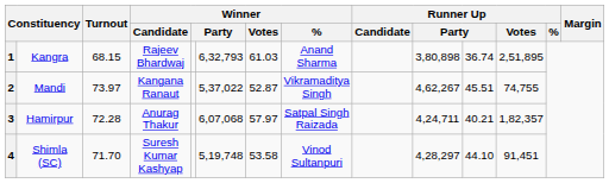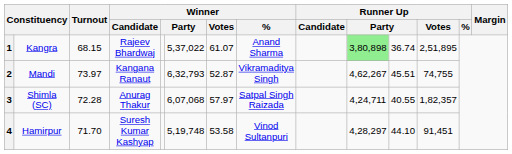 <table class="wikitable sortable" style="text-align:center;">
 <tr>
 <th colspan="2" rowspan="2">Constituency</th>
 <th rowspan="2">Turnout</th>
 <th colspan="5">Winner</th>
 <th colspan="5">Runner Up</th>
 <th rowspan="2">Margin</th>
 </tr>
 <tr>
 <th>Candidate</th>
 <th colspan="2">Party</th>
 <th>Votes</th>
 <th>%</th>
 <th>Candidate</th>
 <th colspan="2">Party</th>
 <th>Votes</th>
 <th>%</th>
 </tr>
 <tr>
 <th>1</th>
 <td><a href='#'>Kangra</a></td>
 <td>68.15 </td>
 <td><a href='#'>Rajeev Bhardwaj</a></td>
 <td></td>
-<td>6,32,793</td>
-<td>61.03</td>
+<td>5,37,022</td>
+<td>61.07</td>
 <td><a href='#'>Anand Sharma</a></td>
 <td></td>
-<td>3,80,898</td>
+<td style="background: lightgreen;">3,80,898</td>
 <td>36.74</td>
 <td style="background:">2,51,895</td>
 </tr>
 <tr>
 <th>2</th>
 <td><a href='#'>Mandi</a></td>
 <td>73.97 </td>
 <td><a href='#'>Kangana Ranaut</a></td>
 <td></td>
-<td>5,37,022</td>
+<td>6,32,793</td>
 <td>52.87</td>
 <td><a href='#'> Vikramaditya Singh</a></td>
 <td></td>
 <td>4,62,267</td>
 <td>45.51</td>
 <td style="background:">74,755</td>
 </tr>
 <tr>
 <th>3</th>
-<td><a href='#'>Hamirpur</a></td>
+<td><a href='#'>Shimla (SC)</a></td>
 <td>72.28 </td>
 <td><a href='#'>Anurag Thakur</a></td>
 <td></td>
 <td>6,07,068</td>
 <td>57.97</td>
 <td><a href='#'>Satpal Singh Raizada</a></td>
 <td></td>
 <td>4,24,711</td>
-<td>40.21</td>
+<td>40.55</td>
 <td style="background:">1,82,357</td>
 </tr>
 <tr>
 <th>4</th>
-<td><a href='#'>Shimla (SC)</a></td>
+<td><a href='#'>Hamirpur</a></td>
 <td>71.70 </td>
 <td><a href='#'>Suresh Kumar Kashyap</a></td>
 <td></td>
 <td>5,19,748</td>
 <td>53.58</td>
 <td><a href='#'>Vinod Sultanpuri</a></td>
 <td></td>
 <td>4,28,297</td>
 <td>44.10</td>
 <td style="background:">91,451</td>
 </tr>
 </table>
